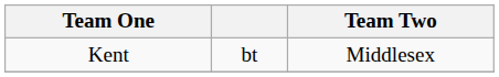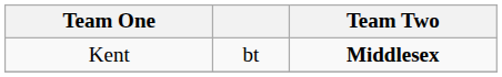 <table class="wikitable" style="text-align: center">
 <tr>
 <th width=150>Team One</th>
 <th width=50></th>
 <th width=150>Team Two</th>
 </tr>
 <tr>
 <td>Kent</td>
 <td>bt</td>
-<td>Middlesex</td>
+<td><strong>Middlesex</strong></td>
 </tr>
 <tr>
 </tr>
 </table>
